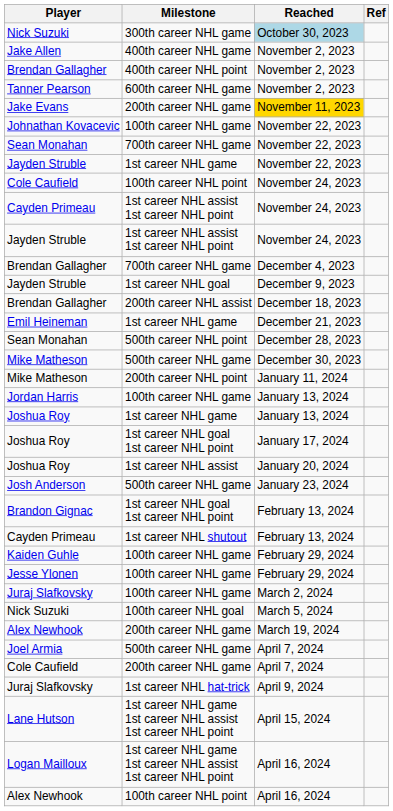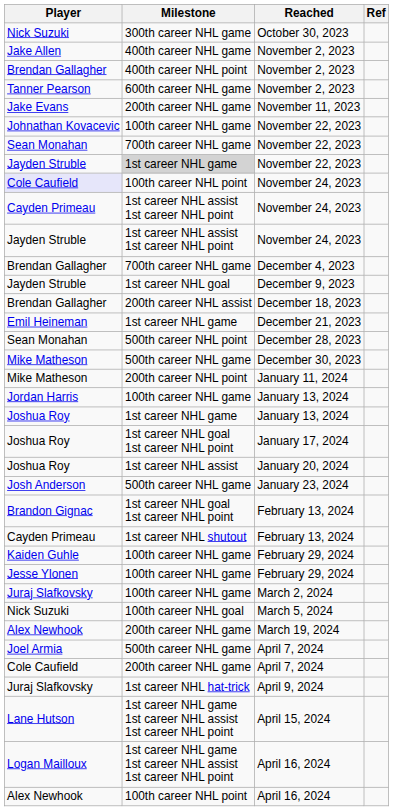 <table class="wikitable sortable">
 <tr align=center>
 <th>Player</th>
 <th>Milestone</th>
 <th data-sort-type="date">Reached</th>
 <th>Ref</th>
 </tr>
 <tr>
 <td><a href='#'>Nick Suzuki</a></td>
 <td>300th career NHL game</td>
-<td style="background: lightblue;">October 30, 2023</td>
+<td>October 30, 2023</td>
 <td></td>
 </tr>
 <tr>
 <td><a href='#'>Jake Allen</a></td>
 <td>400th career NHL game</td>
 <td>November 2, 2023</td>
 <td></td>
 </tr>
 <tr>
 <td><a href='#'>Brendan Gallagher</a></td>
 <td>400th career NHL point</td>
 <td>November 2, 2023</td>
 <td></td>
 </tr>
 <tr>
 <td><a href='#'>Tanner Pearson</a></td>
 <td>600th career NHL game</td>
 <td>November 2, 2023</td>
 <td></td>
 </tr>
 <tr>
 <td><a href='#'>Jake Evans</a></td>
 <td>200th career NHL game</td>
-<td style="background: gold;">November 11, 2023</td>
+<td>November 11, 2023</td>
 <td></td>
 </tr>
 <tr>
 <td><a href='#'>Johnathan Kovacevic</a></td>
 <td>100th career NHL game</td>
 <td>November 22, 2023</td>
 <td></td>
 </tr>
 <tr>
 <td><a href='#'>Sean Monahan</a></td>
 <td>700th career NHL game</td>
 <td>November 22, 2023</td>
 <td></td>
 </tr>
 <tr>
 <td><a href='#'>Jayden Struble</a></td>
-<td>1st career NHL game</td>
+<td style="background: lightgrey;">1st career NHL game</td>
 <td>November 22, 2023</td>
 <td></td>
 </tr>
 <tr>
-<td><a href='#'>Cole Caufield</a></td>
+<td style="background: lavender;"><a href='#'>Cole Caufield</a></td>
 <td>100th career NHL point</td>
 <td>November 24, 2023</td>
 <td></td>
 </tr>
 <tr>
 <td><a href='#'>Cayden Primeau</a></td>
 <td>1st career NHL assist<br>1st career NHL point</td>
 <td>November 24, 2023</td>
 <td></td>
 </tr>
 <tr>
 <td>Jayden Struble</td>
 <td>1st career NHL assist<br>1st career NHL point</td>
 <td>November 24, 2023</td>
 <td></td>
 </tr>
 <tr>
 <td>Brendan Gallagher</td>
 <td>700th career NHL game</td>
 <td>December 4, 2023</td>
 <td></td>
 </tr>
 <tr>
 <td>Jayden Struble</td>
 <td>1st career NHL goal</td>
 <td>December 9, 2023</td>
 <td></td>
 </tr>
 <tr>
 <td>Brendan Gallagher</td>
 <td>200th career NHL assist</td>
 <td>December 18, 2023</td>
 <td></td>
 </tr>
 <tr>
 <td><a href='#'>Emil Heineman</a></td>
 <td>1st career NHL game</td>
 <td>December 21, 2023</td>
 <td></td>
 </tr>
 <tr>
 <td>Sean Monahan</td>
 <td>500th career NHL point</td>
 <td>December 28, 2023</td>
 <td></td>
 </tr>
 <tr>
 <td><a href='#'>Mike Matheson</a></td>
 <td>500th career NHL game</td>
 <td>December 30, 2023</td>
 <td></td>
 </tr>
 <tr>
 <td>Mike Matheson</td>
 <td>200th career NHL point</td>
 <td>January 11, 2024</td>
 <td></td>
 </tr>
 <tr>
 <td><a href='#'>Jordan Harris</a></td>
 <td>100th career NHL game</td>
 <td>January 13, 2024</td>
 <td></td>
 </tr>
 <tr>
 <td><a href='#'>Joshua Roy</a></td>
 <td>1st career NHL game</td>
 <td>January 13, 2024</td>
 <td></td>
 </tr>
 <tr>
 <td>Joshua Roy</td>
 <td>1st career NHL goal<br>1st career NHL point</td>
 <td>January 17, 2024</td>
 <td></td>
 </tr>
 <tr>
 <td>Joshua Roy</td>
 <td>1st career NHL assist</td>
 <td>January 20, 2024</td>
 <td></td>
 </tr>
 <tr>
 <td><a href='#'>Josh Anderson</a></td>
 <td>500th career NHL game</td>
 <td>January 23, 2024</td>
 <td></td>
 </tr>
 <tr>
 <td><a href='#'>Brandon Gignac</a></td>
 <td>1st career NHL goal<br>1st career NHL point</td>
 <td>February 13, 2024</td>
 <td></td>
 </tr>
 <tr>
 <td>Cayden Primeau</td>
 <td>1st career NHL <a href='#'>shutout</a></td>
 <td>February 13, 2024</td>
 <td></td>
 </tr>
 <tr>
 <td><a href='#'>Kaiden Guhle</a></td>
 <td>100th career NHL game</td>
 <td>February 29, 2024</td>
 <td></td>
 </tr>
 <tr>
 <td><a href='#'>Jesse Ylonen</a></td>
 <td>100th career NHL game</td>
 <td>February 29, 2024</td>
 <td></td>
 </tr>
 <tr>
 <td><a href='#'>Juraj Slafkovsky</a></td>
 <td>100th career NHL game</td>
 <td>March 2, 2024</td>
 <td></td>
 </tr>
 <tr>
 <td>Nick Suzuki</td>
 <td>100th career NHL goal</td>
 <td>March 5, 2024</td>
 <td></td>
 </tr>
 <tr>
 <td><a href='#'>Alex Newhook</a></td>
 <td>200th career NHL game</td>
 <td>March 19, 2024</td>
 <td></td>
 </tr>
 <tr>
 <td><a href='#'>Joel Armia</a></td>
 <td>500th career NHL game</td>
 <td>April 7, 2024</td>
 <td></td>
 </tr>
 <tr>
 <td>Cole Caufield</td>
 <td>200th career NHL game</td>
 <td>April 7, 2024</td>
 <td></td>
 </tr>
 <tr>
 <td>Juraj Slafkovsky</td>
 <td>1st career NHL <a href='#'>hat-trick</a></td>
 <td>April 9, 2024</td>
 <td></td>
 </tr>
 <tr>
 <td><a href='#'>Lane Hutson</a></td>
 <td>1st career NHL game<br>1st career NHL assist<br>1st career NHL point</td>
 <td>April 15, 2024</td>
 <td></td>
 </tr>
 <tr>
 <td><a href='#'>Logan Mailloux</a></td>
 <td>1st career NHL game<br>1st career NHL assist<br>1st career NHL point</td>
 <td>April 16, 2024</td>
 <td></td>
 </tr>
 <tr>
 <td>Alex Newhook</td>
 <td>100th career NHL point</td>
 <td>April 16, 2024</td>
 <td></td>
 </tr>
 </table>
